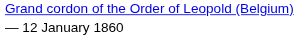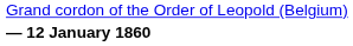 <table>
 <tr>
 <td rowspan=2 style="width:60px; vertical-align:top;"></td>
 <td><a href='#'>Grand cordon of the Order of Leopold (Belgium)</a></td>
 </tr>
 <tr>
-<td>— 12 January 1860</td>
+<td><strong>— 12 January 1860</strong></td>
 </tr>
 </table>
